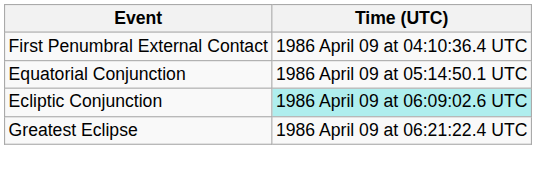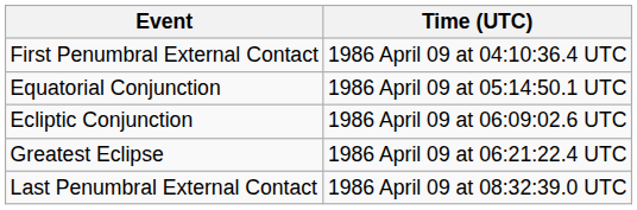 <table class="wikitable">
 <tr>
 <th>Event</th>
 <th>Time (UTC)</th>
 </tr>
 <tr>
 <td>First Penumbral External Contact</td>
 <td>1986 April 09 at 04:10:36.4 UTC</td>
 </tr>
 <tr>
 <td>Equatorial Conjunction</td>
 <td>1986 April 09 at 05:14:50.1 UTC</td>
 </tr>
 <tr>
 <td>Ecliptic Conjunction</td>
-<td style="background: paleturquoise;">1986 April 09 at 06:09:02.6 UTC</td>
+<td>1986 April 09 at 06:09:02.6 UTC</td>
 </tr>
 <tr>
 <td>Greatest Eclipse</td>
 <td>1986 April 09 at 06:21:22.4 UTC</td>
 </tr>
+<tr>
+<td>Last Penumbral External Contact</td>
+<td>1986 April 09 at 08:32:39.0 UTC</td>
+</tr>
 </table>
